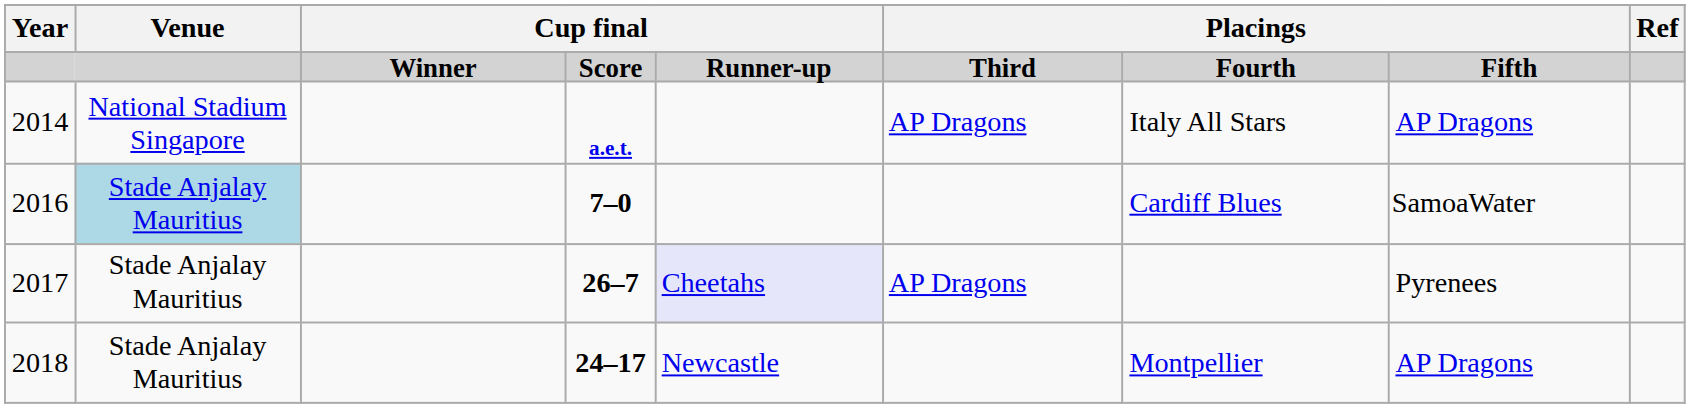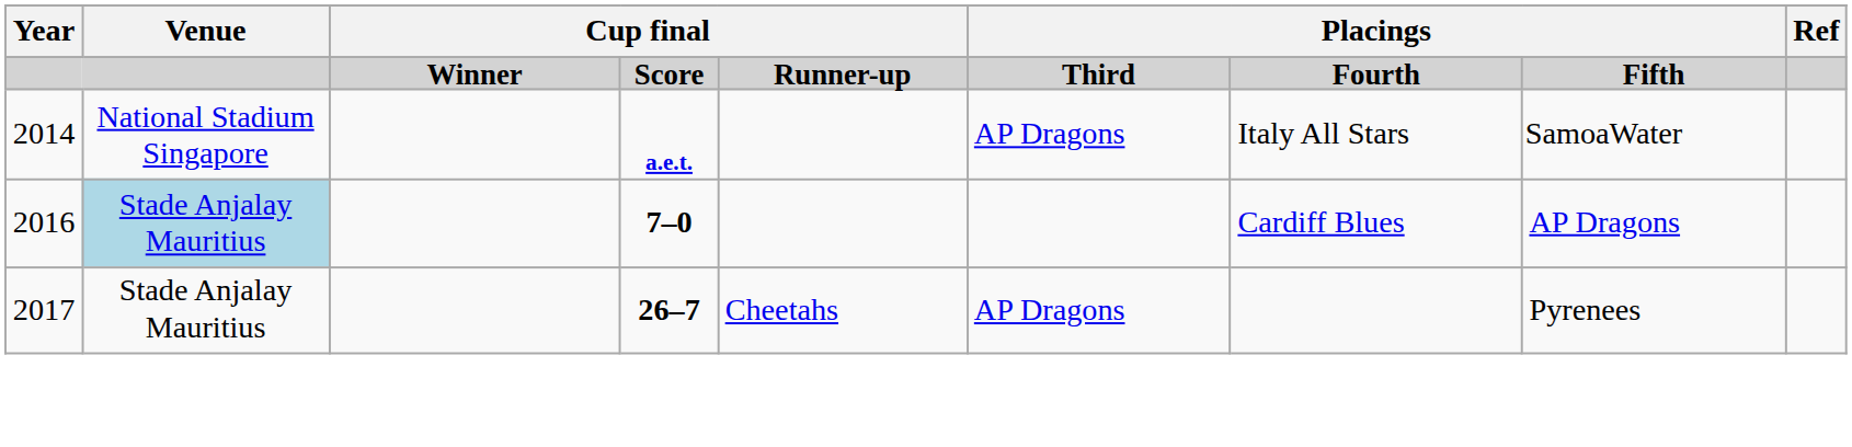 <table class="wikitable" style="font-size:90%;">
 <tr>
 </tr>
 <tr>
 <th style="padding:3px;">Year</th>
 <th style="width:7.5em;">Venue</th>
 <th colspan=3>Cup final</th>
 <th colspan=3>Placings</th>
 <th style="padding:3px;">Ref</th>
 </tr>
 <tr bgcolor=lightgrey style="line-height:9px; font-weight:bold; font-size:95%; padding:0px; text-align:center;">
 <td style="border-right:0px;"></td>
 <td style="border-left:0px;"></td>
 <td style="width:9.45em; font-weight:bold;">Winner</td>
 <td style="width:3.1em; font-weight:bold; padding:1px;">Score</td>
 <td style="width:8.0em; font-weight:bold;">Runner-up</td>
 <td style="width:8.5em; font-weight:bold;">Third</td>
 <td style="width:9.45em; font-weight:bold;">Fourth</td>
 <td style="width:8.5em; font-weight:bold;">Fifth</td>
 <td></td>
 </tr>
 <tr>
 <td align=center style="padding:1px;">2014</td>
 <td align=center style="padding:1px;"><a href='#'>National Stadium</a><br><a href='#'>Singapore</a></td>
 <td> </td>
 <td align=center style="row-height:70%; font-size:75%;"> <br><strong></strong><br><strong><a href='#'>a.e.t.</a></strong></td>
 <td> </td>
 <td> <a href='#'>AP Dragons</a></td>
 <td align=left style="padding-right:1px;"> Italy All Stars</td>
-<td> <a href='#'>AP Dragons</a></td>
+<td align=left style="padding:1px;">SamoaWater</td>
 <td></td>
 </tr>
 <tr>
 <td align=center style="padding:1px;">2016</td>
 <td align=center style="background: lightblue;"><a href='#'>Stade Anjalay</a><br><a href='#'>Mauritius</a></td>
 <td style="padding-right:1px;"> </td>
 <td align=center><strong>7–0</strong></td>
 <td> </td>
 <td> </td>
 <td> <a href='#'>Cardiff Blues</a></td>
-<td align=left style="padding:1px;">SamoaWater</td>
+<td> <a href='#'>AP Dragons</a></td>
 <td></td>
 </tr>
 <tr>
 <td align=center style="padding:1px;">2017</td>
 <td align=center>Stade Anjalay<br>Mauritius</td>
 <td> </td>
 <td align=center><strong>26–7</strong></td>
-<td style="background: lavender;"> <a href='#'>Cheetahs</a></td>
+<td> <a href='#'>Cheetahs</a></td>
 <td> <a href='#'>AP Dragons</a></td>
 <td style="padding-right:1px;"> </td>
 <td> Pyrenees</td>
 <td><br></td>
 </tr>
-<tr>
-<td align=center style="padding:1px;">2018</td>
-<td align=center>Stade Anjalay<br>Mauritius</td>
-<td> </td>
-<td align=center style="padding:1px;"><strong>24–17</strong></td>
-<td> <a href='#'>Newcastle</a></td>
-<td> </td>
-<td> <a href='#'>Montpellier</a></td>
-<td> <a href='#'>AP Dragons</a></td>
-<td></td>
-</tr>
 </table>
